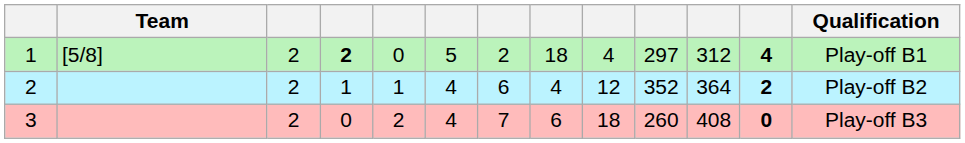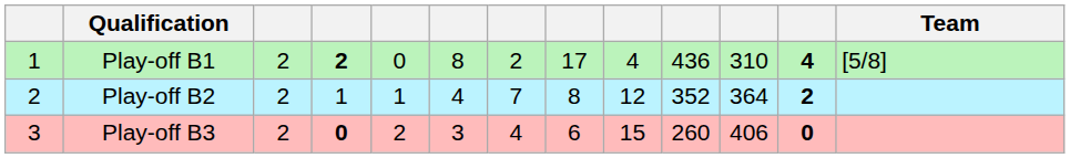 <table class=wikitable style="text-align:center" width=730>
 <tr>
 <th width=5.5%></th>
-<th width=22%>Team</th>
+<th width=18%>Qualification</th>
 <th width=5.5%></th>
 <th width=5.5%></th>
 <th width=5.5%></th>
 <th width=5.5%></th>
 <th width=5.5%></th>
 <th width=5.5%></th>
 <th width=5.5%></th>
 <th width=5.5%></th>
 <th width=5.5%></th>
 <th width=5.5%></th>
-<th width=18%>Qualification</th>
+<th width=22%>Team</th>
 </tr>
 <tr bgcolor=#bbf3bb>
 <td>1</td>
-<td style="text-align:left"> [5/8]</td>
+<td>Play-off B1</td>
 <td>2</td>
 <td><strong>2</strong></td>
 <td>0</td>
-<td>5</td>
+<td>8</td>
 <td>2</td>
-<td>18</td>
+<td>17</td>
 <td>4</td>
-<td>297</td>
-<td>312</td>
+<td>436</td>
+<td>310</td>
 <td><strong>4</strong></td>
-<td>Play-off B1</td>
+<td style="text-align:left"> [5/8]</td>
 </tr>
 <tr bgcolor=#bbf3ff>
 <td>2</td>
-<td style="text-align:left"></td>
+<td>Play-off B2</td>
 <td>2</td>
 <td>1</td>
 <td>1</td>
 <td>4</td>
-<td>6</td>
-<td>4</td>
+<td>7</td>
+<td>8</td>
 <td>12</td>
 <td>352</td>
 <td>364</td>
 <td><strong>2</strong></td>
-<td>Play-off B2</td>
+<td style="text-align:left"></td>
 </tr>
 <tr bgcolor=#ffbbbb>
 <td>3</td>
+<td>Play-off B3</td>
+<td>2</td>
+<td><strong>0</strong></td>
+<td>2</td>
+<td>3</td>
+<td>4</td>
+<td>6</td>
+<td>15</td>
+<td>260</td>
+<td>406</td>
+<td><strong>0</strong></td>
 <td style="text-align:left"></td>
-<td>2</td>
-<td>0</td>
-<td>2</td>
-<td>4</td>
-<td>7</td>
-<td>6</td>
-<td>18</td>
-<td>260</td>
-<td>408</td>
-<td><strong>0</strong></td>
-<td>Play-off B3</td>
 </tr>
 </table>
